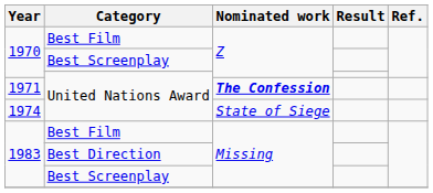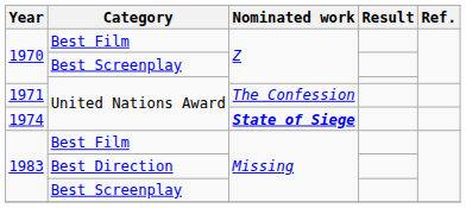 <table class="wikitable sortable">
 <tr>
 <th>Year</th>
 <th>Category</th>
 <th>Nominated work</th>
 <th>Result</th>
 <th>Ref.</th>
 </tr>
 <tr>
 <td rowspan="3"><a href='#'>1970</a></td>
 <td><a href='#'>Best Film</a></td>
 <td rowspan="3"><em><a href='#'>Z</a></em></td>
 <td></td>
 <td rowspan="3"></td>
 </tr>
 <tr>
 <td><a href='#'>Best Screenplay</a></td>
 <td></td>
 </tr>
 <tr>
 <td rowspan="3">United Nations Award</td>
 <td></td>
 </tr>
 <tr>
 <td><a href='#'>1971</a></td>
-<td><strong><em><a href='#'>The Confession</a></em></strong></td>
+<td><em><a href='#'>The Confession</a></em></td>
 <td></td>
 <td></td>
 </tr>
 <tr>
 <td><a href='#'>1974</a></td>
-<td><em><a href='#'>State of Siege</a></em></td>
+<td><strong><em><a href='#'>State of Siege</a></em></strong></td>
 <td></td>
 <td></td>
 </tr>
 <tr>
 <td rowspan="3"><a href='#'>1983</a></td>
 <td><a href='#'>Best Film</a></td>
 <td rowspan="3"><em><a href='#'>Missing</a></em></td>
 <td></td>
 <td rowspan="3"></td>
 </tr>
 <tr>
 <td><a href='#'>Best Direction</a></td>
 <td></td>
 </tr>
 <tr>
 <td><a href='#'>Best Screenplay</a></td>
 <td></td>
 </tr>
 <tr>
 </tr>
 </table>
